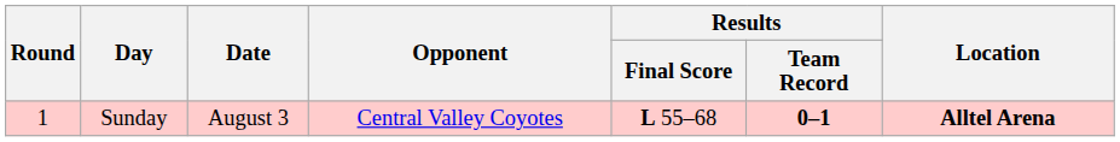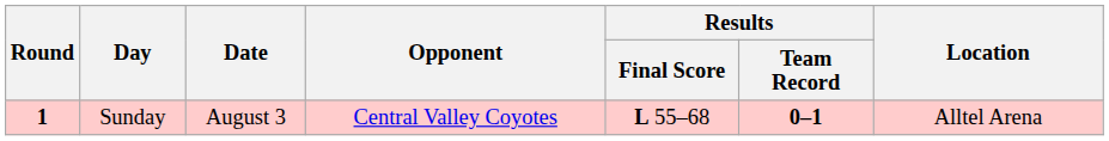 <table class="wikitable">
 <tr>
 <th rowspan="2" width="40">Round</th>
 <th rowspan="2" width="70">Day</th>
 <th rowspan="2" width="80">Date</th>
 <th rowspan="2" width="210">Opponent</th>
 <th colspan="2" width="180">Results</th>
 <th rowspan="2" width="160">Location</th>
 </tr>
 <tr>
 <th width="90">Final Score</th>
 <th width="90">Team Record</th>
 </tr>
 <tr align="center" bgcolor="#FFCCCC">
-<td align="center">1</td>
+<td align="center"><strong>1</strong></td>
 <td align="center">Sunday</td>
 <td align="center">August 3</td>
 <td align="center"><a href='#'>Central Valley Coyotes</a></td>
 <td align="center"><strong>L</strong> 55–68</td>
 <td align="center"><strong>0–1</strong></td>
-<td align="center"><strong>Alltel Arena</strong></td>
+<td align="center">Alltel Arena</td>
 </tr>
 </table>
